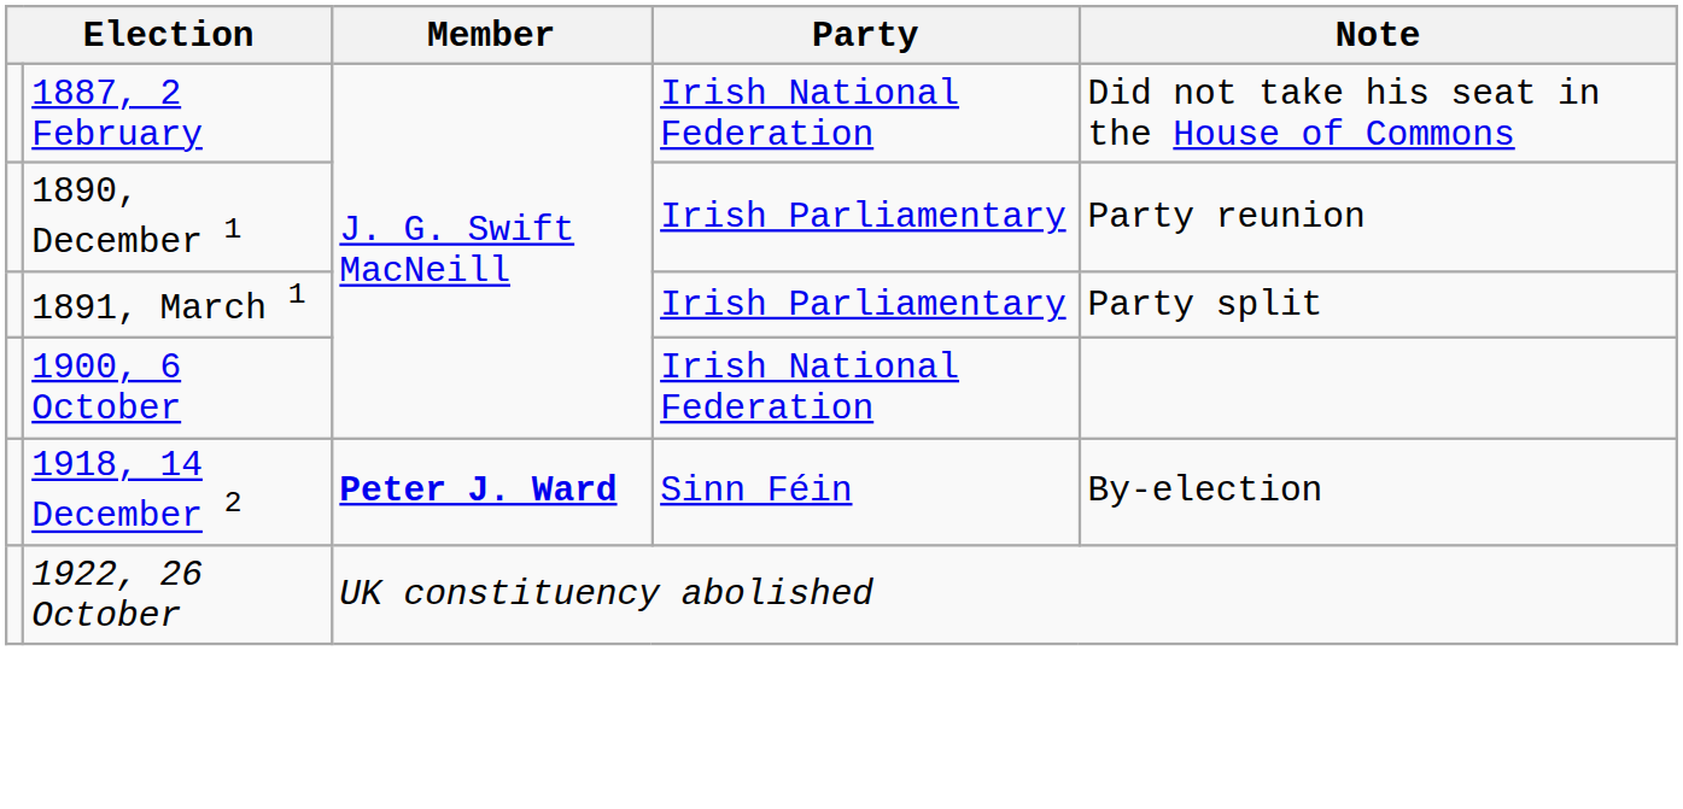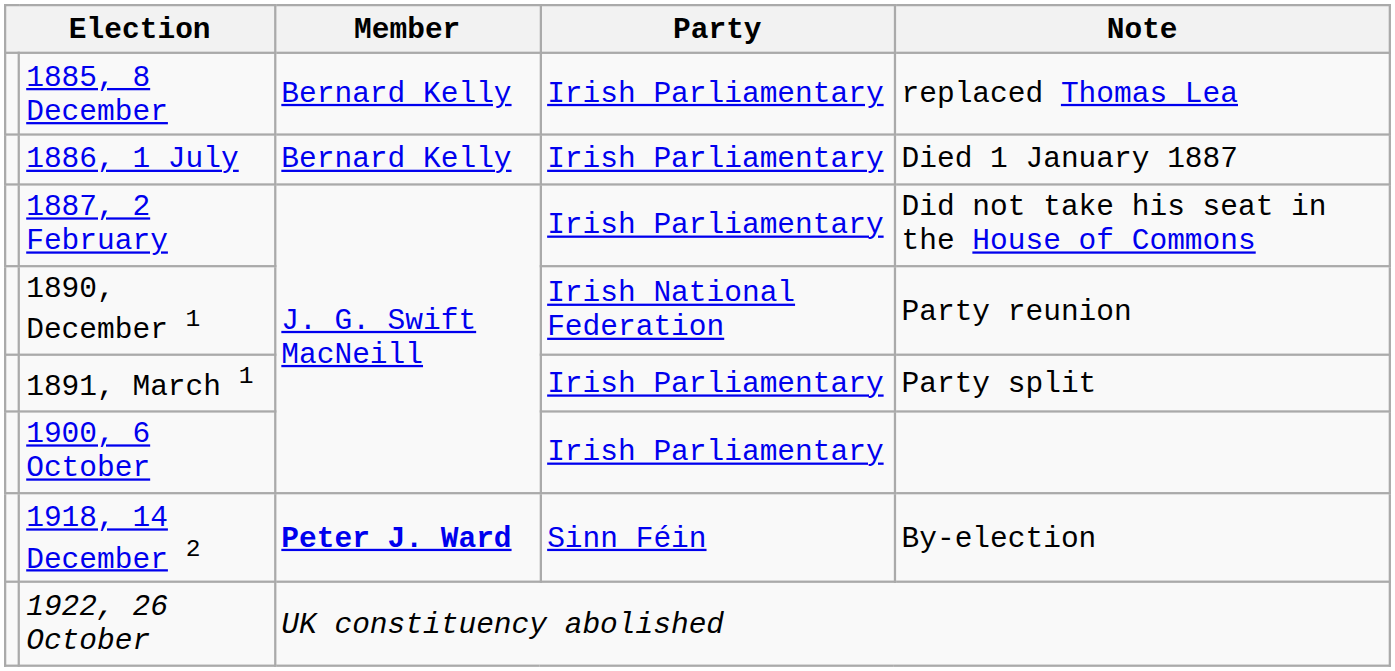 <table class="wikitable">
 <tr>
 <th colspan="2">Election</th>
 <th>Member</th>
 <th>Party</th>
 <th>Note</th>
 </tr>
 <tr>
 <td style="color:inherit;background-color: "></td>
+<td><a href='#'>1885, 8 December</a></td>
+<td><a href='#'>Bernard Kelly</a></td>
+<td><a href='#'>Irish Parliamentary</a></td>
+<td>replaced <a href='#'>Thomas Lea</a></td>
+</tr>
+<tr>
+<td style="color:inherit;background-color: "></td>
+<td><a href='#'>1886, 1 July</a></td>
+<td><a href='#'>Bernard Kelly</a></td>
+<td><a href='#'>Irish Parliamentary</a></td>
+<td>Died 1 January 1887</td>
+</tr>
+<tr>
+<td style="color:inherit;background-color: "></td>
 <td><a href='#'>1887, 2 February</a></td>
 <td rowspan="4"><a href='#'>J. G. Swift MacNeill</a></td>
-<td><a href='#'>Irish National Federation</a></td>
+<td><a href='#'>Irish Parliamentary</a></td>
 <td>Did not take his seat in the <a href='#'>House of Commons</a></td>
 </tr>
 <tr>
 <td style="color:inherit;background-color: "></td>
 <td>1890, December <sup>1</sup></td>
-<td><a href='#'>Irish Parliamentary</a></td>
+<td><a href='#'>Irish National Federation</a></td>
 <td>Party reunion</td>
 </tr>
 <tr>
 <td style="color:inherit;background-color: "></td>
 <td>1891, March <sup>1</sup></td>
 <td><a href='#'>Irish Parliamentary</a></td>
 <td>Party split</td>
 </tr>
 <tr>
 <td style="color:inherit;background-color: "></td>
 <td><a href='#'>1900, 6 October</a></td>
-<td><a href='#'>Irish National Federation</a></td>
+<td><a href='#'>Irish Parliamentary</a></td>
 <td></td>
 </tr>
 <tr>
 <td style="color:inherit;background-color: "></td>
 <td><a href='#'>1918, 14 December</a> <sup>2</sup></td>
 <td><strong><a href='#'>Peter J. Ward</a></strong></td>
 <td><a href='#'>Sinn Féin</a></td>
 <td>By-election</td>
 </tr>
 <tr>
 <td></td>
 <td><em>1922, 26 October</em></td>
 <td colspan="3"><em>UK constituency abolished</em></td>
 </tr>
 </table>
